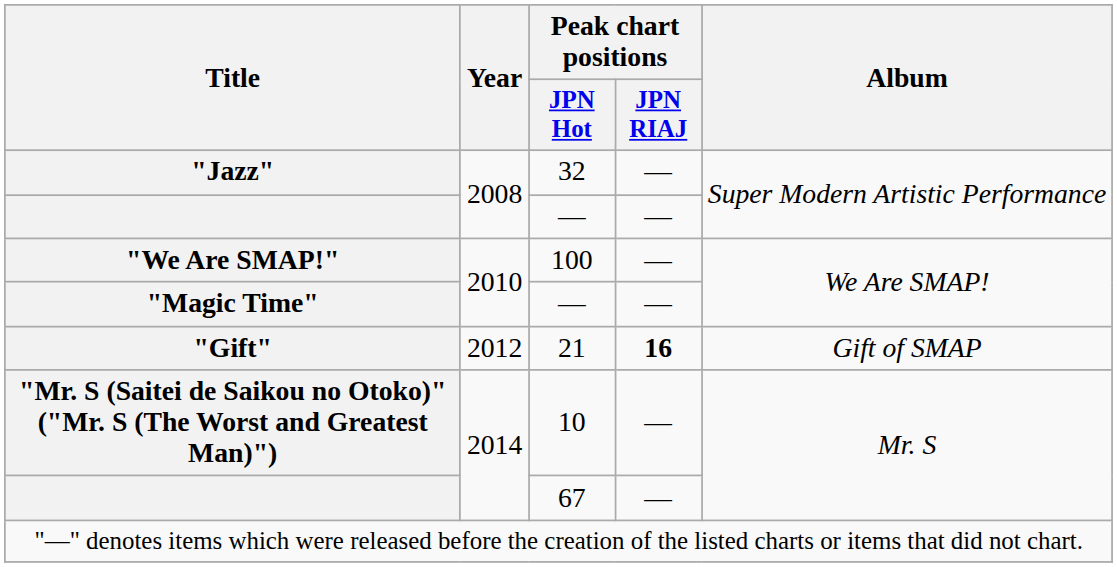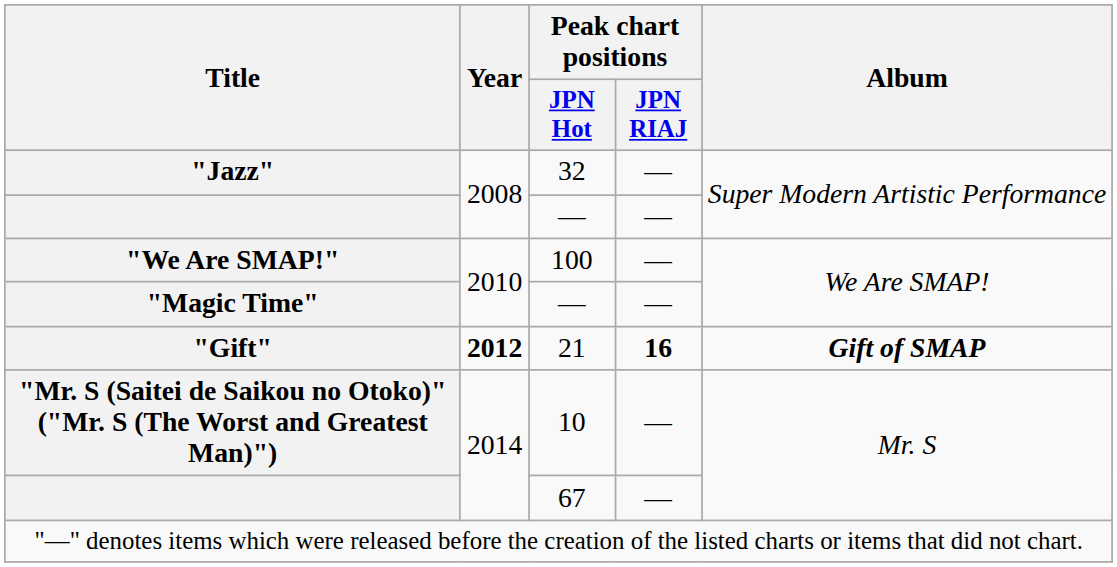 <table class="wikitable plainrowheaders" style="text-align:center;">
 <tr>
 <th scope="col" rowspan="2" style="width:16em;">Title</th>
 <th scope="col" rowspan="2">Year</th>
 <th scope="col" colspan="2">Peak chart positions</th>
 <th scope="col" rowspan="2">Album</th>
 </tr>
 <tr>
 <th style="width:3em;font-size:90%"><a href='#'>JPN Hot</a><br></th>
 <th style="width:3em;font-size:90%"><a href='#'>JPN RIAJ</a><br></th>
 </tr>
 <tr>
 <th scope="row">"Jazz"</th>
 <td rowspan="2">2008</td>
 <td>32</td>
 <td>—</td>
 <td rowspan="2"><em>Super Modern Artistic Performance</em></td>
 </tr>
 <tr>
 <th scope="row"></th>
 <td>—</td>
 <td>—</td>
 </tr>
 <tr>
 <th scope="row">"We Are SMAP!"</th>
 <td rowspan="2">2010</td>
 <td>100</td>
 <td>—</td>
 <td rowspan="2"><em>We Are SMAP!</em></td>
 </tr>
 <tr>
 <th scope="row">"Magic Time"</th>
 <td>—</td>
 <td>—</td>
 </tr>
 <tr>
 <th scope="row">"Gift"</th>
-<td>2012</td>
+<td><strong>2012</strong></td>
 <td>21</td>
 <td><strong>16</strong></td>
-<td><em>Gift of SMAP</em></td>
+<td><strong><em>Gift of SMAP</em></strong></td>
 </tr>
 <tr>
 <th scope="row">"Mr. S (Saitei de Saikou no Otoko)" ("Mr. S (The Worst and Greatest Man)")</th>
 <td rowspan="2">2014</td>
 <td>10</td>
 <td>—</td>
 <td rowspan="2"><em>Mr. S</em></td>
 </tr>
 <tr>
 <th scope="row"></th>
 <td>67</td>
 <td>—</td>
 </tr>
 <tr>
 <td colspan="5" align="center" style="font-size:90%;">"—" denotes items which were released before the creation of the listed charts or items that did not chart.</td>
 </tr>
 </table>
